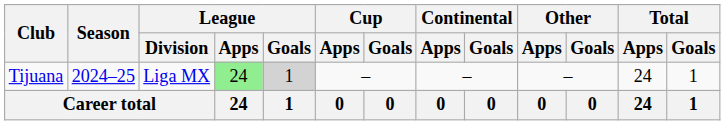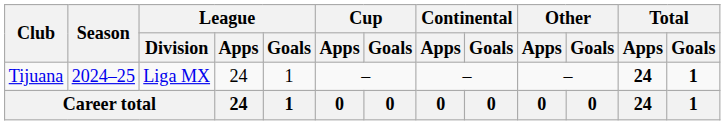 <table class="wikitable" style="text-align: center">
 <tr>
 <th rowspan="2">Club</th>
 <th rowspan="2">Season</th>
 <th colspan="3">League</th>
 <th colspan="2">Cup</th>
 <th colspan="2">Continental</th>
 <th colspan="2">Other</th>
 <th colspan="2">Total</th>
 </tr>
 <tr>
 <th>Division</th>
 <th>Apps</th>
 <th>Goals</th>
 <th>Apps</th>
 <th>Goals</th>
 <th>Apps</th>
 <th>Goals</th>
 <th>Apps</th>
 <th>Goals</th>
 <th>Apps</th>
 <th>Goals</th>
 </tr>
 <tr>
 <td rowspan="1"><a href='#'>Tijuana</a></td>
 <td><a href='#'>2024–25</a></td>
 <td rowspan="1"><a href='#'>Liga MX</a></td>
-<td style="background: lightgreen;">24</td>
-<td style="background: lightgrey;">1</td>
+<td>24</td>
+<td>1</td>
 <td colspan="2">–</td>
 <td colspan="2">–</td>
 <td colspan="2">–</td>
-<td>24</td>
-<td>1</td>
+<td><strong>24</strong></td>
+<td><strong>1</strong></td>
 </tr>
 <tr>
 <th colspan=3>Career total</th>
 <th>24</th>
 <th>1</th>
 <th>0</th>
 <th>0</th>
 <th>0</th>
 <th>0</th>
 <th>0</th>
 <th>0</th>
 <th>24</th>
 <th>1</th>
 </tr>
 </table>
